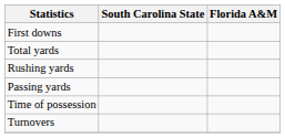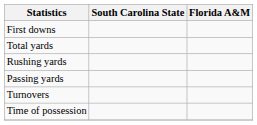 <table class="wikitable">
 <tr>
 <th>Statistics</th>
 <th>South Carolina State</th>
 <th>Florida A&M</th>
 </tr>
 <tr>
 <td>First downs</td>
 <td> </td>
 <td> </td>
 </tr>
 <tr>
 <td>Total yards</td>
 <td> </td>
 <td> </td>
 </tr>
 <tr>
 <td>Rushing yards</td>
 <td> </td>
 <td> </td>
 </tr>
 <tr>
 <td>Passing yards</td>
 <td> </td>
 <td> </td>
 </tr>
 <tr>
-<td>Time of possession</td>
+<td>Turnovers</td>
 <td> </td>
 <td> </td>
 </tr>
 <tr>
-<td>Turnovers</td>
+<td>Time of possession</td>
 <td> </td>
 <td> </td>
 </tr>
 <tr>
 </tr>
 </table>
